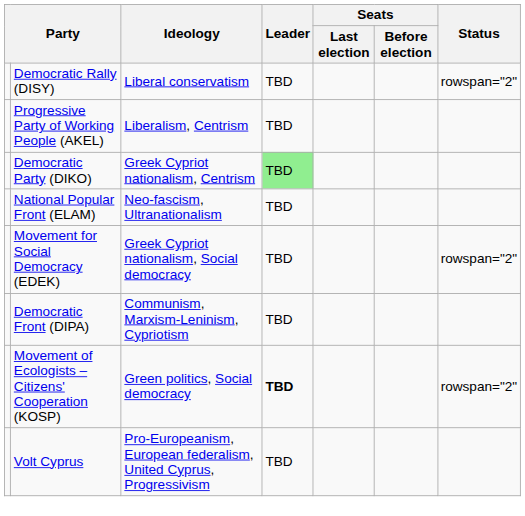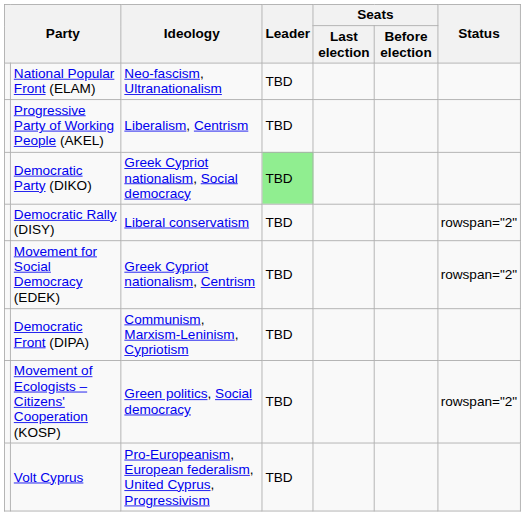 <table class="wikitable" style="text-align:left">
 <tr>
 <th colspan="2" rowspan="2">Party</th>
 <th rowspan="2">Ideology</th>
 <th rowspan="2">Leader</th>
 <th colspan="2">Seats</th>
 <th rowspan="2">Status</th>
 </tr>
 <tr>
 <th>Last election</th>
 <th>Before election</th>
 </tr>
 <tr>
 <td></td>
-<td><a href='#'>Democratic Rally</a> (DISY)</td>
-<td><a href='#'>Liberal conservatism</a></td>
+<td><a href='#'>National Popular Front</a> (ELAM)</td>
+<td><a href='#'>Neo-fascism</a>, <a href='#'>Ultranationalism</a></td>
 <td>TBD</td>
 <td></td>
 <td></td>
-<td>rowspan="2" </td>
+<td></td>
 </tr>
 <tr>
 <td></td>
 <td><a href='#'>Progressive Party of Working People</a> (AKEL)</td>
 <td><a href='#'>Liberalism</a>, <a href='#'>Centrism</a></td>
 <td>TBD</td>
 <td></td>
 <td></td>
 </tr>
 <tr>
 <td></td>
 <td><a href='#'>Democratic Party</a> (DIKO)</td>
-<td><a href='#'>Greek Cypriot nationalism</a>, <a href='#'>Centrism</a></td>
+<td><a href='#'>Greek Cypriot nationalism</a>, <a href='#'>Social democracy</a></td>
 <td style="background: lightgreen;">TBD</td>
 <td></td>
 <td></td>
 <td></td>
 </tr>
 <tr>
 <td></td>
-<td><a href='#'>National Popular Front</a> (ELAM)</td>
-<td><a href='#'>Neo-fascism</a>, <a href='#'>Ultranationalism</a></td>
+<td><a href='#'>Democratic Rally</a> (DISY)</td>
+<td><a href='#'>Liberal conservatism</a></td>
 <td>TBD</td>
 <td></td>
 <td></td>
-<td></td>
+<td>rowspan="2" </td>
 </tr>
 <tr>
 <td></td>
 <td><a href='#'>Movement for Social Democracy</a> (EDEK)</td>
-<td><a href='#'>Greek Cypriot nationalism</a>, <a href='#'>Social democracy</a></td>
+<td><a href='#'>Greek Cypriot nationalism</a>, <a href='#'>Centrism</a></td>
 <td>TBD</td>
 <td></td>
 <td></td>
 <td>rowspan="2" </td>
 </tr>
 <tr>
 <td></td>
 <td><a href='#'>Democratic Front</a> (DIPA)</td>
 <td><a href='#'>Communism</a>, <a href='#'>Marxism-Leninism</a>, <a href='#'>Cypriotism</a></td>
 <td>TBD</td>
 <td></td>
 <td></td>
 </tr>
 <tr>
 <td></td>
 <td><a href='#'>Movement of Ecologists – Citizens' Cooperation</a> (KOSP)</td>
 <td><a href='#'>Green politics</a>, <a href='#'>Social democracy</a></td>
-<td><strong>TBD</strong></td>
+<td>TBD</td>
 <td></td>
 <td></td>
 <td>rowspan="2" </td>
 </tr>
 <tr>
 <td></td>
 <td><a href='#'>Volt Cyprus</a></td>
 <td><a href='#'>Pro-Europeanism</a>, <a href='#'>European federalism</a>, <a href='#'>United Cyprus</a>, <a href='#'>Progressivism</a></td>
 <td>TBD</td>
 <td></td>
 <td></td>
 </tr>
 </table>
